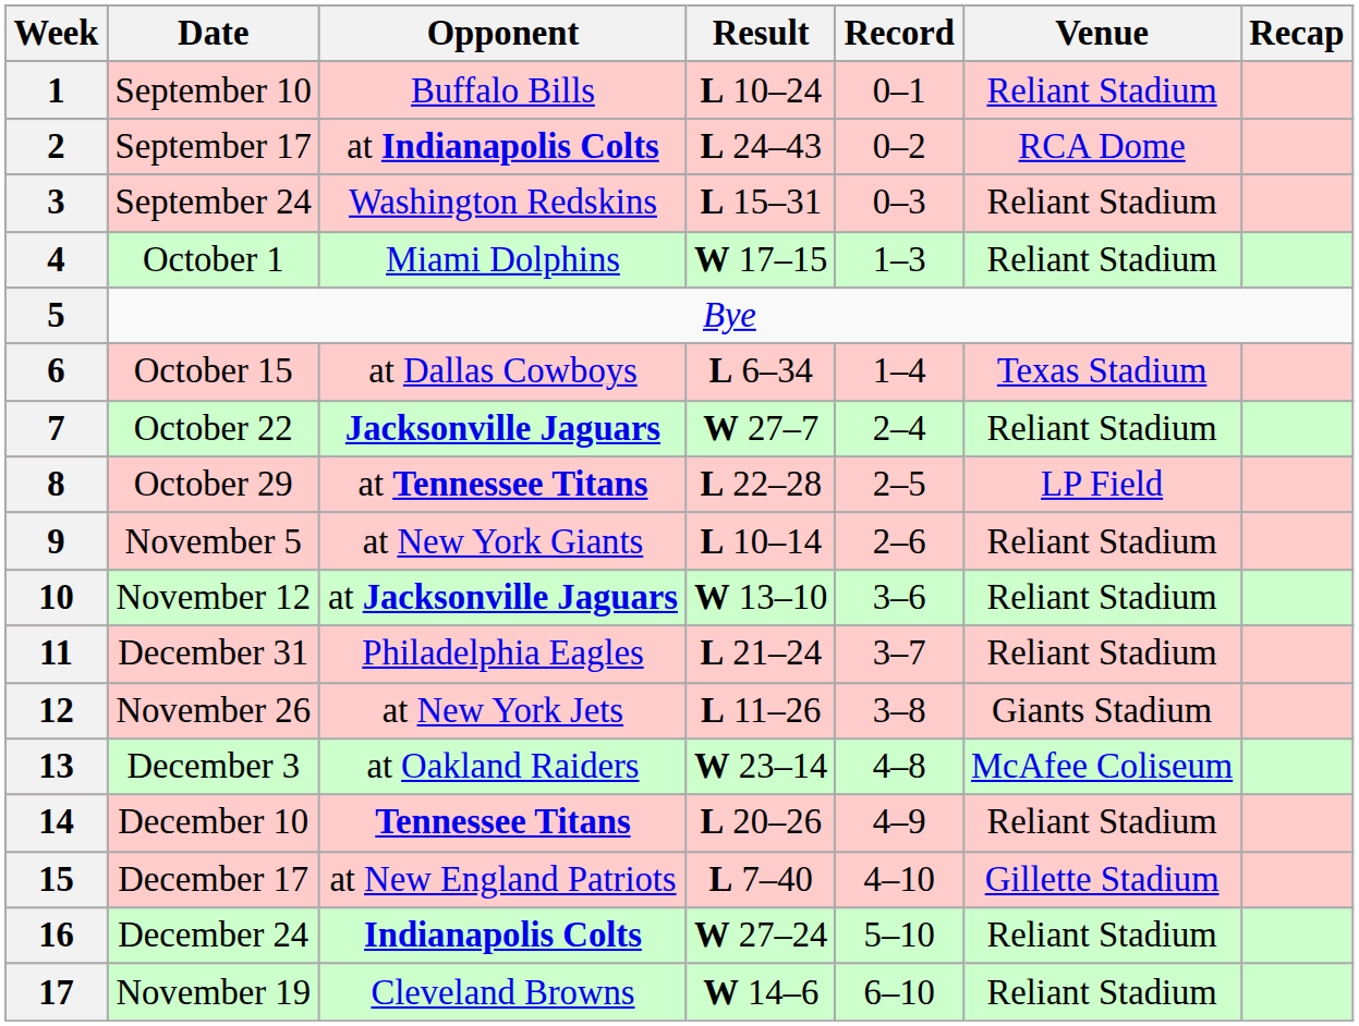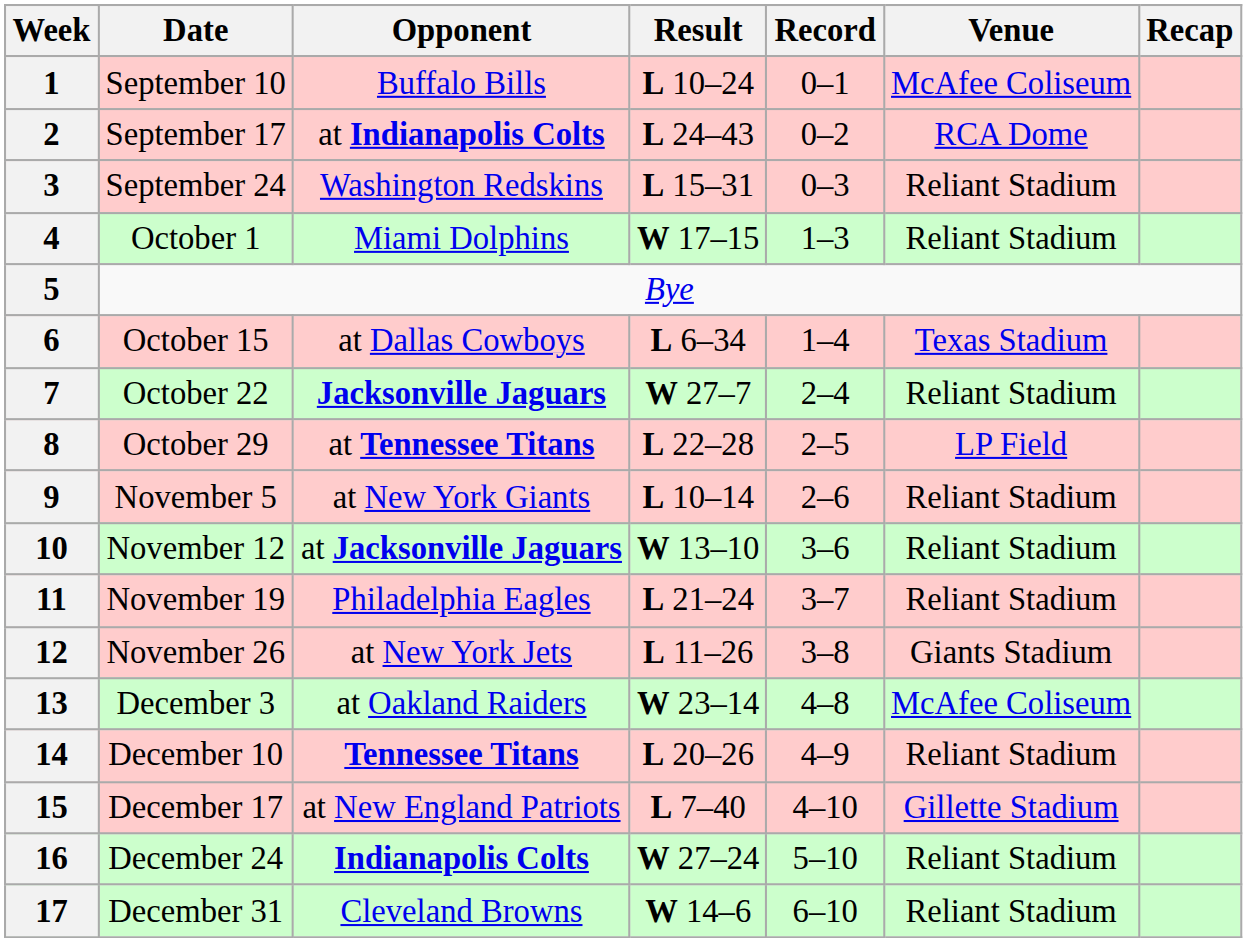 <table class="wikitable" style="text-align:center">
 <tr>
 <th>Week</th>
 <th>Date</th>
 <th>Opponent</th>
 <th>Result</th>
 <th>Record</th>
 <th>Venue</th>
 <th>Recap</th>
 </tr>
 <tr style="background:#fcc">
 <th>1</th>
 <td>September 10</td>
 <td><a href='#'>Buffalo Bills</a></td>
 <td><strong>L</strong> 10–24</td>
 <td>0–1</td>
-<td><a href='#'>Reliant Stadium</a></td>
+<td><a href='#'>McAfee Coliseum</a></td>
 <td></td>
 </tr>
 <tr style="background:#fcc">
 <th>2</th>
 <td>September 17</td>
 <td>at <strong><a href='#'>Indianapolis Colts</a></strong></td>
 <td><strong>L</strong> 24–43</td>
 <td>0–2</td>
 <td><a href='#'>RCA Dome</a></td>
 <td></td>
 </tr>
 <tr style="background:#fcc">
 <th>3</th>
 <td>September 24</td>
 <td><a href='#'>Washington Redskins</a></td>
 <td><strong>L</strong> 15–31</td>
 <td>0–3</td>
 <td>Reliant Stadium</td>
 <td></td>
 </tr>
 <tr style="background:#cfc">
 <th>4</th>
 <td>October 1</td>
 <td><a href='#'>Miami Dolphins</a></td>
 <td><strong>W</strong> 17–15</td>
 <td>1–3</td>
 <td>Reliant Stadium</td>
 <td></td>
 </tr>
 <tr>
 <th>5</th>
 <td colspan="6"><em><a href='#'>Bye</a></em></td>
 </tr>
 <tr style="background:#fcc">
 <th>6</th>
 <td>October 15</td>
 <td>at <a href='#'>Dallas Cowboys</a></td>
 <td><strong>L</strong> 6–34</td>
 <td>1–4</td>
 <td><a href='#'>Texas Stadium</a></td>
 <td></td>
 </tr>
 <tr style="background:#cfc">
 <th>7</th>
 <td>October 22</td>
 <td><strong><a href='#'>Jacksonville Jaguars</a></strong></td>
 <td><strong>W</strong> 27–7</td>
 <td>2–4</td>
 <td>Reliant Stadium</td>
 <td></td>
 </tr>
 <tr style="background:#fcc">
 <th>8</th>
 <td>October 29</td>
 <td>at <strong><a href='#'>Tennessee Titans</a></strong></td>
 <td><strong>L</strong> 22–28</td>
 <td>2–5</td>
 <td><a href='#'>LP Field</a></td>
 <td></td>
 </tr>
 <tr style="background:#fcc">
 <th>9</th>
 <td>November 5</td>
 <td>at <a href='#'>New York Giants</a></td>
 <td><strong>L</strong> 10–14</td>
 <td>2–6</td>
 <td>Reliant Stadium</td>
 <td></td>
 </tr>
 <tr style="background:#cfc">
 <th>10</th>
 <td>November 12</td>
 <td>at <strong><a href='#'>Jacksonville Jaguars</a></strong></td>
 <td><strong>W</strong> 13–10</td>
 <td>3–6</td>
 <td>Reliant Stadium</td>
 <td></td>
 </tr>
 <tr style="background:#fcc">
 <th>11</th>
-<td>December 31</td>
+<td>November 19</td>
 <td><a href='#'>Philadelphia Eagles</a></td>
 <td><strong>L</strong> 21–24</td>
 <td>3–7</td>
 <td>Reliant Stadium</td>
 <td></td>
 </tr>
 <tr style="background:#fcc">
 <th>12</th>
 <td>November 26</td>
 <td>at <a href='#'>New York Jets</a></td>
 <td><strong>L</strong> 11–26</td>
 <td>3–8</td>
 <td>Giants Stadium</td>
 <td></td>
 </tr>
 <tr style="background:#cfc">
 <th>13</th>
 <td>December 3</td>
 <td>at <a href='#'>Oakland Raiders</a></td>
 <td><strong>W</strong> 23–14</td>
 <td>4–8</td>
 <td><a href='#'>McAfee Coliseum</a></td>
 <td></td>
 </tr>
 <tr style="background:#fcc">
 <th>14</th>
 <td>December 10</td>
 <td><strong><a href='#'>Tennessee Titans</a></strong></td>
 <td><strong>L</strong> 20–26 </td>
 <td>4–9</td>
 <td>Reliant Stadium</td>
 <td></td>
 </tr>
 <tr style="background:#fcc">
 <th>15</th>
 <td>December 17</td>
 <td>at <a href='#'>New England Patriots</a></td>
 <td><strong>L</strong> 7–40</td>
 <td>4–10</td>
 <td><a href='#'>Gillette Stadium</a></td>
 <td></td>
 </tr>
 <tr style="background:#cfc">
 <th>16</th>
 <td>December 24</td>
 <td><strong><a href='#'>Indianapolis Colts</a></strong></td>
 <td><strong>W</strong> 27–24</td>
 <td>5–10</td>
 <td>Reliant Stadium</td>
 <td></td>
 </tr>
 <tr style="background:#cfc">
 <th>17</th>
-<td>November 19</td>
+<td>December 31</td>
 <td><a href='#'>Cleveland Browns</a></td>
 <td><strong>W</strong> 14–6</td>
 <td>6–10</td>
 <td>Reliant Stadium</td>
 <td></td>
 </tr>
 </table>
